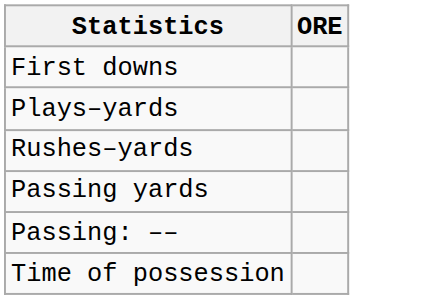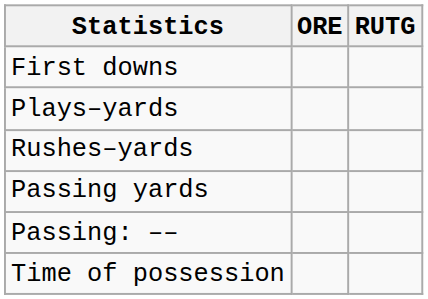 <table class="wikitable" style="float:left">
 <tr>
 <th>Statistics</th>
 <th>ORE</th>
+<th>RUTG</th>
 </tr>
 <tr>
 <td>First downs</td>
+<td></td>
 <td></td>
 </tr>
 <tr>
 <td>Plays–yards</td>
 <td></td>
+<td></td>
 </tr>
 <tr>
 <td>Rushes–yards</td>
+<td></td>
 <td></td>
 </tr>
 <tr>
 <td>Passing yards</td>
 <td></td>
+<td></td>
 </tr>
 <tr>
 <td>Passing: ––</td>
+<td></td>
 <td></td>
 </tr>
 <tr>
 <td>Time of possession</td>
 <td></td>
+<td></td>
 </tr>
 </table>
